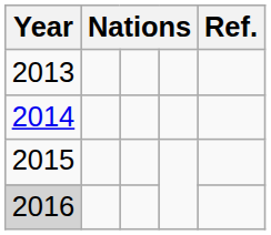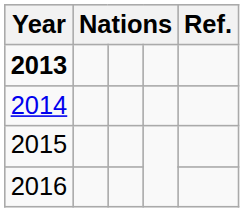 <table class="wikitable">
 <tr>
 <th>Year</th>
 <th colspan="3">Nations</th>
 <th>Ref.</th>
 </tr>
 <tr>
-<td>2013</td>
+<td><strong>2013</strong></td>
 <td></td>
 <td></td>
 <td></td>
 <td></td>
 </tr>
 <tr>
 <td><a href='#'>2014</a></td>
 <td></td>
 <td></td>
 <td></td>
 <td></td>
 </tr>
 <tr>
 <td>2015</td>
 <td></td>
 <td></td>
 <td rowspan=2></td>
 <td></td>
 </tr>
 <tr>
-<td style="background: lightgrey;">2016</td>
+<td>2016</td>
 <td></td>
 <td></td>
 <td></td>
 </tr>
 </table>
